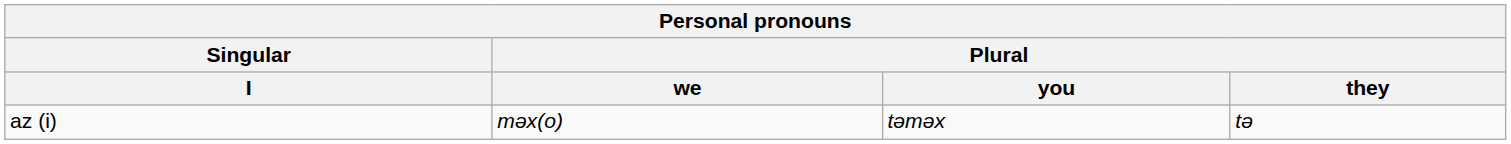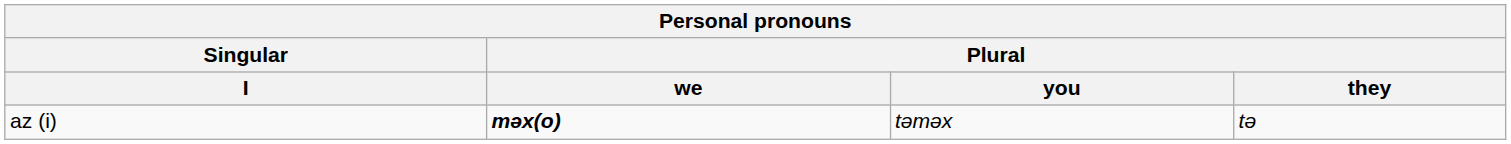 <table class="wikitable" style="margin:auto; width:90%; margin:auto; width:90%">
 <tr>
 <th colspan="5">Personal pronouns</th>
 </tr>
 <tr>
 <th>Singular</th>
 <th colspan="3">Plural</th>
 </tr>
 <tr>
 <th>I</th>
 <th>we</th>
 <th>you</th>
 <th>they</th>
 </tr>
 <tr>
 <td>az (i)</td>
-<td><em>məx(o)</em></td>
+<td><strong><em>məx(o)</em></strong></td>
 <td><em>təməx</em></td>
 <td><em>tə</em></td>
 </tr>
 </table>
